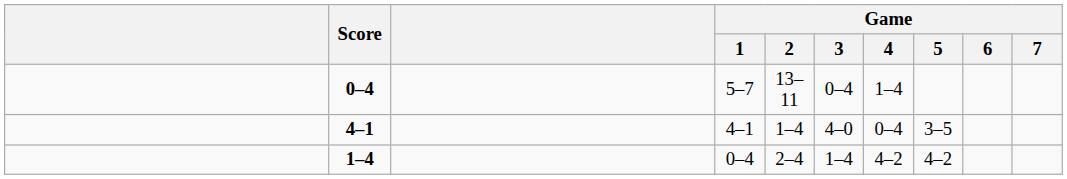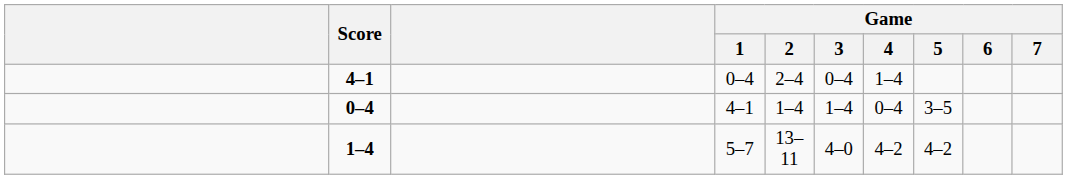 <table class="wikitable" style="text-align: center;">
 <tr>
 <th rowspan=2 align="right" width="270"></th>
 <th rowspan=2 width="45">Score</th>
 <th rowspan=2 align="left" width="270"></th>
 <th colspan=7>Game</th>
 </tr>
 <tr>
 <th width="35">1</th>
 <th width="35">2</th>
 <th width="35">3</th>
 <th width="35">4</th>
 <th width="35">5</th>
 <th width="35">6</th>
 <th width="35">7</th>
 </tr>
 <tr>
 <td align=left></td>
-<td align=center><strong>0–4</strong></td>
+<td align=center><strong>4–1</strong></td>
 <td align=left><strong></strong></td>
-<td>5–7</td>
-<td>13–11</td>
+<td>0–4</td>
+<td>2–4</td>
 <td>0–4</td>
 <td>1–4</td>
 <td></td>
 <td></td>
 <td></td>
 </tr>
 <tr>
 <td align=left><strong></strong></td>
-<td align=center><strong>4–1</strong></td>
+<td align=center><strong>0–4</strong></td>
 <td align=left></td>
 <td>4–1</td>
 <td>1–4</td>
-<td>4–0</td>
+<td>1–4</td>
 <td>0–4</td>
 <td>3–5</td>
 <td></td>
 <td></td>
 </tr>
 <tr>
 <td align=left></td>
 <td align=center><strong>1–4</strong></td>
 <td align=left><strong></strong></td>
-<td>0–4</td>
-<td>2–4</td>
-<td>1–4</td>
+<td>5–7</td>
+<td>13–11</td>
+<td>4–0</td>
 <td>4–2</td>
 <td>4–2</td>
 <td></td>
 <td></td>
 </tr>
 </table>
